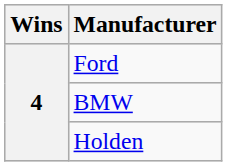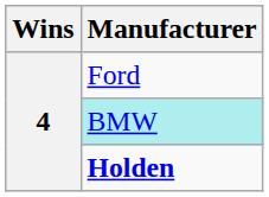 <table class="wikitable" style="font-size: 95%;">
 <tr>
 <th>Wins</th>
 <th>Manufacturer</th>
 </tr>
 <tr>
 <th rowspan="3">4</th>
 <td><a href='#'>Ford</a></td>
 </tr>
 <tr>
-<td><a href='#'>BMW</a></td>
+<td style="background: paleturquoise;"><a href='#'>BMW</a></td>
 </tr>
 <tr>
-<td><a href='#'>Holden</a></td>
+<td><strong><a href='#'>Holden</a></strong></td>
 </tr>
 </table>
